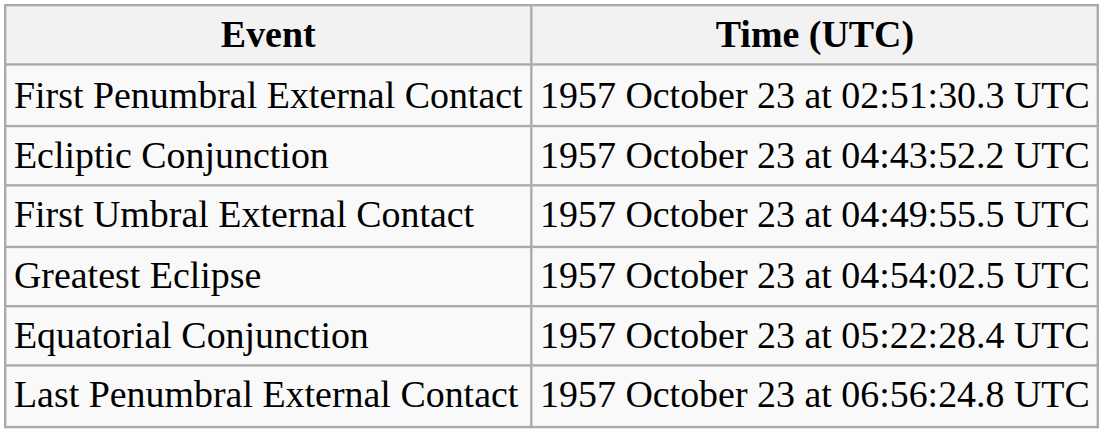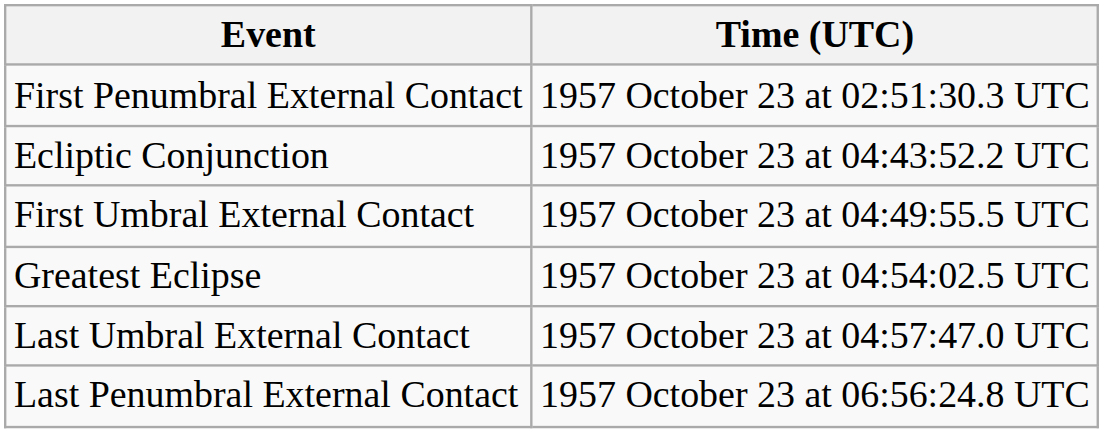 <table class="wikitable">
 <tr>
 <th>Event</th>
 <th>Time (UTC)</th>
 </tr>
 <tr>
 <td>First Penumbral External Contact</td>
 <td>1957 October 23 at 02:51:30.3 UTC</td>
 </tr>
 <tr>
 <td>Ecliptic Conjunction</td>
 <td>1957 October 23 at 04:43:52.2 UTC</td>
 </tr>
 <tr>
 <td>First Umbral External Contact</td>
 <td>1957 October 23 at 04:49:55.5 UTC</td>
 </tr>
 <tr>
 <td>Greatest Eclipse</td>
 <td>1957 October 23 at 04:54:02.5 UTC</td>
 </tr>
 <tr>
-<td>Equatorial Conjunction</td>
-<td>1957 October 23 at 05:22:28.4 UTC</td>
+<td>Last Umbral External Contact</td>
+<td>1957 October 23 at 04:57:47.0 UTC</td>
 </tr>
 <tr>
 <td>Last Penumbral External Contact</td>
 <td>1957 October 23 at 06:56:24.8 UTC</td>
 </tr>
 </table>
